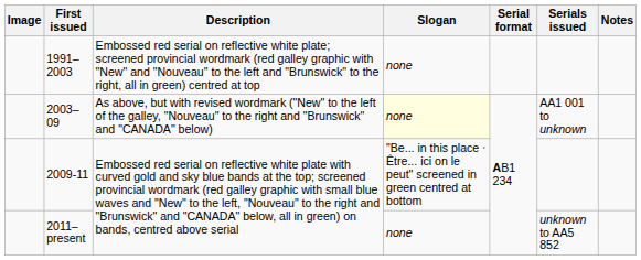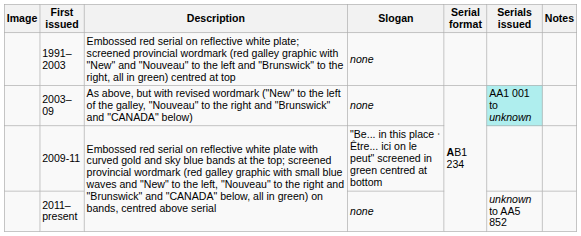 <table class="wikitable">
 <tr>
 <th>Image</th>
 <th>First issued</th>
 <th>Description</th>
 <th>Slogan</th>
 <th>Serial format</th>
 <th>Serials issued</th>
 <th>Notes</th>
 </tr>
 <tr>
 <td></td>
 <td>1991–2003</td>
 <td>Embossed red serial on reflective white plate; screened provincial wordmark (red galley graphic with "New" and "Nouveau" to the left and "Brunswick" to the right, all in green) centred at top</td>
 <td><em>none</em></td>
 <td></td>
 <td></td>
 </tr>
 <tr>
 <td></td>
 <td>2003–09</td>
 <td>As above, but with revised wordmark ("New" to the left of the galley, "Nouveau" to the right and "Brunswick" and "CANADA" below)</td>
-<td style="background: lightyellow;"><em>none</em></td>
+<td><em>none</em></td>
 <td rowspan="3"><strong>A</strong>B1 234</td>
-<td>AA1 001 to <em>unknown</em></td>
+<td style="background: paleturquoise;">AA1 001 to <em>unknown</em></td>
 <td></td>
 </tr>
 <tr>
 <td></td>
 <td>2009-11</td>
 <td rowspan="2">Embossed red serial on reflective white plate with curved gold and sky blue bands at the top; screened provincial wordmark (red galley graphic with small blue waves and "New" to the left, "Nouveau" to the right and "Brunswick" and "CANADA" below, all in green) on bands, centred above serial</td>
 <td>"Be... in this place  ᐧ  Être... ici on le peut" screened in green centred at bottom</td>
 <td></td>
 <td></td>
 </tr>
 <tr>
 <td></td>
 <td>2011–present</td>
 <td><em>none</em></td>
 <td><em>unknown</em> to AA5 852 </td>
 <td></td>
 </tr>
 </table>
